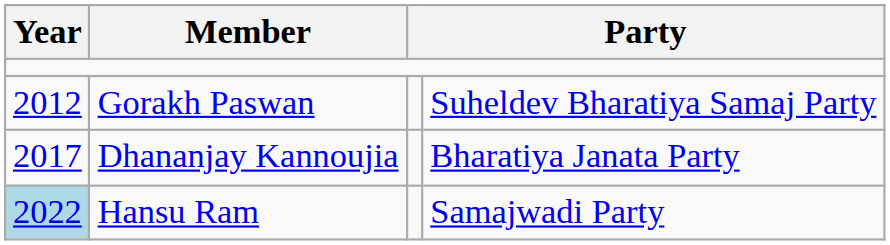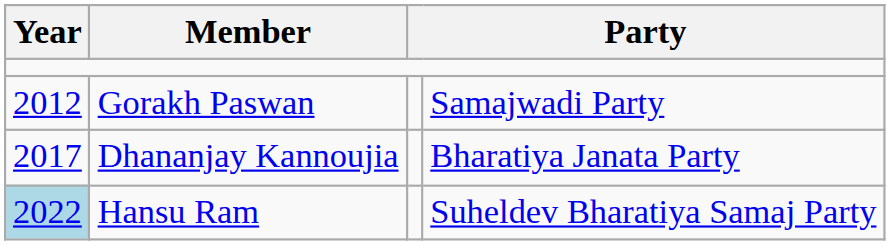 <table class="wikitable">
 <tr>
 <th>Year</th>
 <th>Member</th>
 <th colspan="2">Party</th>
 </tr>
 <tr>
 <td colspan="4"></td>
 </tr>
 <tr>
 <td><a href='#'>2012</a></td>
 <td><a href='#'>Gorakh Paswan</a></td>
 <td style="background-color: "></td>
-<td><a href='#'>Suheldev Bharatiya Samaj Party</a></td>
+<td><a href='#'>Samajwadi Party</a></td>
 </tr>
 <tr>
 <td><a href='#'>2017</a></td>
 <td><a href='#'>Dhananjay Kannoujia</a></td>
 <td style="background-color: "></td>
 <td><a href='#'>Bharatiya Janata Party</a></td>
 </tr>
 <tr>
 <td style="background: lightblue;"><a href='#'>2022</a></td>
 <td><a href='#'>Hansu Ram</a></td>
 <td style="background-color: "></td>
-<td><a href='#'>Samajwadi Party</a></td>
+<td><a href='#'>Suheldev Bharatiya Samaj Party</a></td>
 </tr>
 </table>
